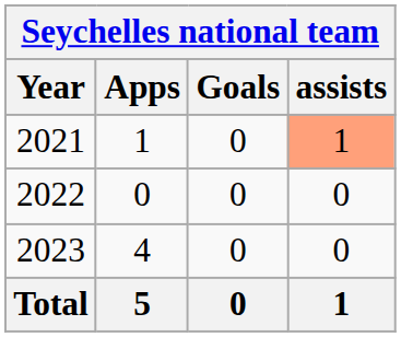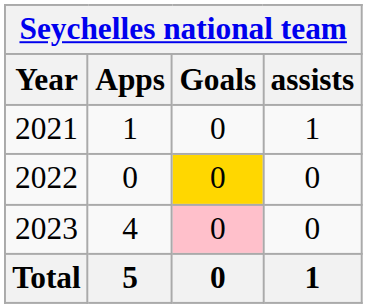 <table class="wikitable" style="text-align:center">
 <tr>
 <th colspan=4><a href='#'>Seychelles national team</a></th>
 </tr>
 <tr>
 <th>Year</th>
 <th>Apps</th>
 <th>Goals</th>
 <th>assists</th>
 </tr>
 <tr>
 <td>2021</td>
 <td>1</td>
 <td>0</td>
-<td style="background: lightsalmon;">1</td>
+<td>1</td>
 </tr>
 <tr>
 <td>2022</td>
 <td>0</td>
-<td>0</td>
+<td style="background: gold;">0</td>
 <td>0</td>
 </tr>
 <tr>
 <td>2023</td>
 <td>4</td>
-<td>0</td>
+<td style="background: pink;">0</td>
 <td>0</td>
 </tr>
 <tr 2023||4||0||0>
 <th>Total</th>
 <th>5</th>
 <th>0</th>
 <th>1</th>
 </tr>
 </table>
